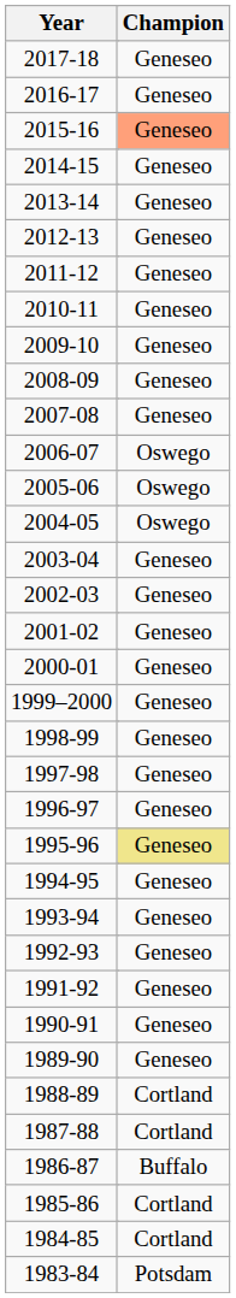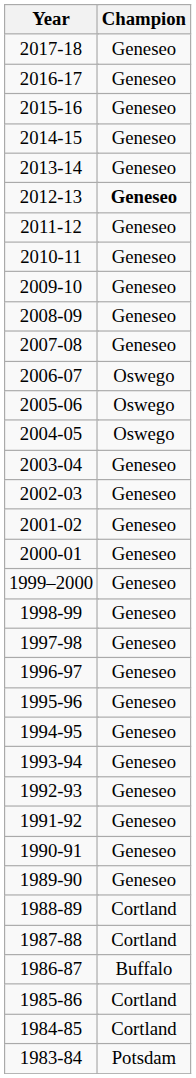 <table class="wikitable" style="text-align:center" cellpadding=2 cellspacing=2>
 <tr>
 <th colspan=2>Year</th>
 <th>Champion</th>
 </tr>
 <tr>
 <td colspan=2>2017-18</td>
 <td>Geneseo</td>
 </tr>
 <tr>
 <td colspan=2>2016-17</td>
 <td>Geneseo</td>
 </tr>
 <tr>
 <td colspan=2>2015-16</td>
-<td style="background: lightsalmon;">Geneseo</td>
+<td>Geneseo</td>
 </tr>
 <tr>
 <td colspan=2>2014-15</td>
 <td>Geneseo</td>
 </tr>
 <tr>
 <td colspan=2>2013-14</td>
 <td>Geneseo</td>
 </tr>
 <tr>
 <td colspan=2>2012-13</td>
-<td>Geneseo</td>
+<td><strong>Geneseo</strong></td>
 </tr>
 <tr>
 <td colspan=2>2011-12</td>
 <td>Geneseo</td>
 </tr>
 <tr>
 <td colspan=2>2010-11</td>
 <td>Geneseo</td>
 </tr>
 <tr>
 <td colspan=2>2009-10</td>
 <td>Geneseo</td>
 </tr>
 <tr>
 <td colspan=2>2008-09</td>
 <td>Geneseo</td>
 </tr>
 <tr>
 <td colspan=2>2007-08</td>
 <td>Geneseo</td>
 </tr>
 <tr>
 <td colspan=2>2006-07</td>
 <td>Oswego</td>
 </tr>
 <tr>
 <td colspan=2>2005-06</td>
 <td>Oswego</td>
 </tr>
 <tr>
 <td colspan=2>2004-05</td>
 <td>Oswego</td>
 </tr>
 <tr>
 <td colspan=2>2003-04</td>
 <td>Geneseo</td>
 </tr>
 <tr>
 <td colspan=2>2002-03</td>
 <td>Geneseo</td>
 </tr>
 <tr>
 <td colspan=2>2001-02</td>
 <td>Geneseo</td>
 </tr>
 <tr>
 <td colspan=2>2000-01</td>
 <td>Geneseo</td>
 </tr>
 <tr>
 <td colspan=2>1999–2000</td>
 <td>Geneseo</td>
 </tr>
 <tr>
 <td colspan=2>1998-99</td>
 <td>Geneseo</td>
 </tr>
 <tr>
 <td colspan=2>1997-98</td>
 <td>Geneseo</td>
 </tr>
 <tr>
 <td colspan=2>1996-97</td>
 <td>Geneseo</td>
 </tr>
 <tr>
 <td colspan=2>1995-96</td>
-<td style="background: khaki;">Geneseo</td>
+<td>Geneseo</td>
 </tr>
 <tr>
 <td colspan=2>1994-95</td>
 <td>Geneseo</td>
 </tr>
 <tr>
 <td colspan=2>1993-94</td>
 <td>Geneseo</td>
 </tr>
 <tr>
 <td colspan=2>1992-93</td>
 <td>Geneseo</td>
 </tr>
 <tr>
 <td colspan=2>1991-92</td>
 <td>Geneseo</td>
 </tr>
 <tr>
 <td colspan=2>1990-91</td>
 <td>Geneseo</td>
 </tr>
 <tr>
 <td colspan=2>1989-90</td>
 <td>Geneseo</td>
 </tr>
 <tr>
 <td colspan=2>1988-89</td>
 <td>Cortland</td>
 </tr>
 <tr>
 <td colspan=2>1987-88</td>
 <td>Cortland</td>
 </tr>
 <tr>
 <td colspan=2>1986-87</td>
 <td>Buffalo</td>
 </tr>
 <tr>
 <td colspan=2>1985-86</td>
 <td>Cortland</td>
 </tr>
 <tr>
 <td colspan=2>1984-85</td>
 <td>Cortland</td>
 </tr>
 <tr>
 <td colspan=2>1983-84</td>
 <td>Potsdam</td>
 </tr>
 <tr>
 </tr>
 </table>
